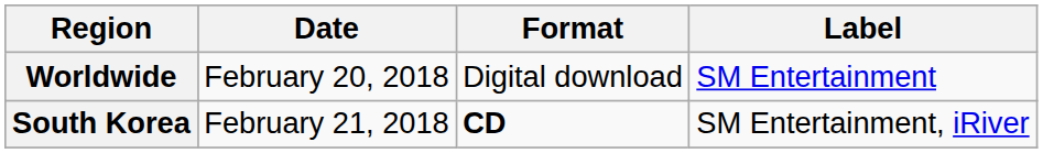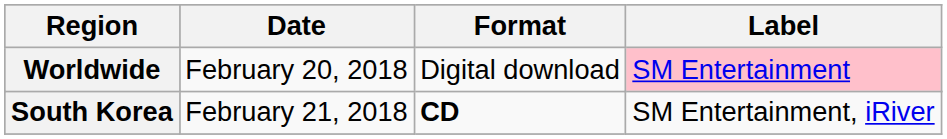 <table class="wikitable plainrowheaders" style="text-align:left">
 <tr>
 <th>Region</th>
 <th>Date</th>
 <th>Format</th>
 <th>Label</th>
 </tr>
 <tr>
 <th scope="row">Worldwide</th>
 <td rowspan="2">February 20, 2018</td>
 <td rowspan="2">Digital download</td>
-<td><a href='#'>SM Entertainment</a></td>
+<td style="background: pink;"><a href='#'>SM Entertainment</a></td>
 </tr>
 <tr>
 <th scope="row" rowspan="2">South Korea</th>
 <td rowspan="2">SM Entertainment, <a href='#'>iRiver</a></td>
 </tr>
 <tr>
 <td>February 21, 2018</td>
 <td><strong>CD</strong></td>
 </tr>
 </table>
